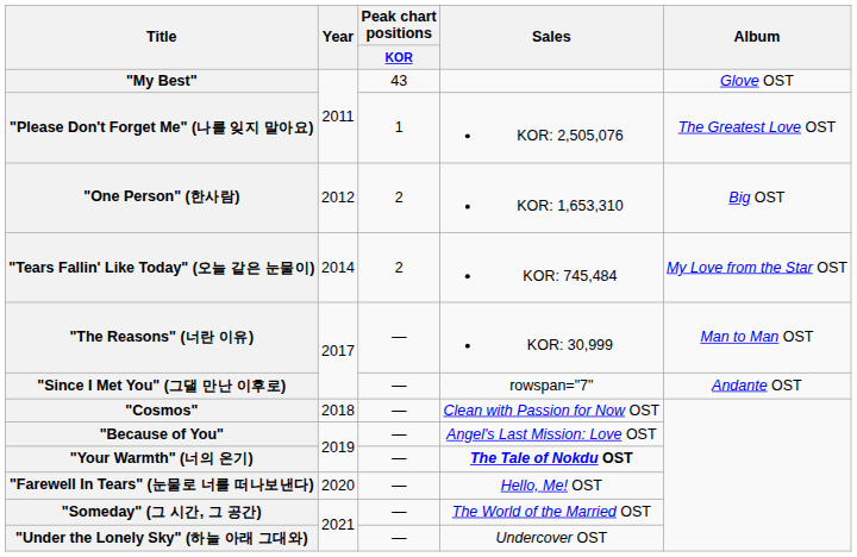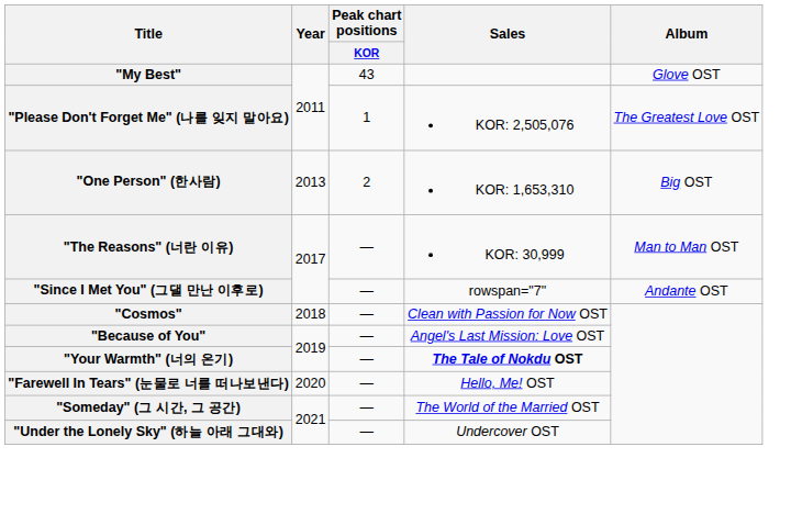 <table class="wikitable plainrowheaders" style="text-align:center;" border="1">
 <tr>
 <th scope="col" rowspan="2">Title</th>
 <th scope="col" rowspan="2">Year</th>
 <th scope="col" colspan="1">Peak chart <br> positions</th>
 <th scope="col" rowspan="2">Sales</th>
 <th scope="col" rowspan="2">Album</th>
 </tr>
 <tr>
 <th><small><a href='#'>KOR</a></small><br></th>
 </tr>
 <tr>
 <th scope="row">"My Best"<br></th>
 <td rowspan="2">2011</td>
 <td>43</td>
 <td></td>
 <td><em><a href='#'>Glove</a></em> OST</td>
 </tr>
 <tr>
 <th scope="row">"Please Don't Forget Me" (나를 잊지 말아요)</th>
 <td>1</td>
 <td><br><ul><li>KOR: 2,505,076</li></ul></td>
 <td><em><a href='#'>The Greatest Love</a></em> OST</td>
 </tr>
 <tr>
 <th scope="row">"One Person" (한사람)</th>
-<td>2012</td>
+<td>2013</td>
 <td>2</td>
 <td><br><ul><li>KOR: 1,653,310</li></ul></td>
 <td><em><a href='#'>Big</a></em> OST</td>
-</tr>
-<tr>
-<th scope="row">"Tears Fallin' Like Today" (오늘 같은 눈물이)</th>
-<td>2014</td>
-<td>2</td>
-<td><br><ul><li>KOR: 745,484</li></ul></td>
-<td><em><a href='#'>My Love from the Star</a></em> OST</td>
 </tr>
 <tr>
 <th scope="row">"The Reasons" (너란 이유)</th>
 <td rowspan="2">2017</td>
 <td>—</td>
 <td><br><ul><li>KOR: 30,999</li></ul></td>
 <td><em><a href='#'>Man to Man</a></em> OST</td>
 </tr>
 <tr>
 <th scope="row">"Since I Met You" (그댈 만난 이후로)</th>
 <td>—</td>
 <td>rowspan="7" </td>
 <td><em><a href='#'>Andante</a></em> OST</td>
 </tr>
 <tr>
 <th scope="row">"Cosmos"</th>
 <td>2018</td>
 <td>—</td>
 <td><em><a href='#'>Clean with Passion for Now</a></em> OST</td>
 </tr>
 <tr>
 <th scope="row">"Because of You"</th>
 <td rowspan="2">2019</td>
 <td>—</td>
 <td><em><a href='#'>Angel's Last Mission: Love</a></em> OST</td>
 </tr>
 <tr>
 <th scope="row">"Your Warmth" (너의 온기)</th>
 <td>—</td>
 <td><strong><em><a href='#'>The Tale of Nokdu</a></em> OST</strong></td>
 </tr>
 <tr>
 <th scope="row">"Farewell In Tears" (눈물로 너를 떠나보낸다)</th>
 <td>2020</td>
 <td>—</td>
 <td><em><a href='#'>Hello, Me!</a></em> OST</td>
 </tr>
 <tr>
 <th scope="row">"Someday" (그 시간, 그 공간)</th>
 <td rowspan="2">2021</td>
 <td>—</td>
 <td><em><a href='#'>The World of the Married</a></em> OST</td>
 </tr>
 <tr>
 <th scope="row">"Under the Lonely Sky" (하늘 아래 그대와)</th>
 <td>—</td>
 <td><em>Undercover</em> OST</td>
 </tr>
 </table>
